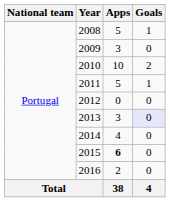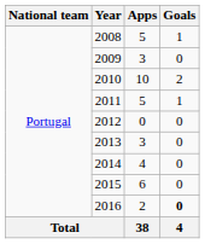 <table class="wikitable" style="text-align:center">
 <tr>
 <th>National team</th>
 <th>Year</th>
 <th>Apps</th>
 <th>Goals</th>
 </tr>
 <tr>
 <td rowspan="9"><a href='#'>Portugal</a></td>
 <td>2008</td>
 <td>5</td>
 <td>1</td>
 </tr>
 <tr>
 <td>2009</td>
 <td>3</td>
 <td>0</td>
 </tr>
 <tr>
 <td>2010</td>
 <td>10</td>
 <td>2</td>
 </tr>
 <tr>
 <td>2011</td>
 <td>5</td>
 <td>1</td>
 </tr>
 <tr>
 <td>2012</td>
 <td>0</td>
 <td>0</td>
 </tr>
 <tr>
 <td>2013</td>
 <td>3</td>
-<td style="background: lavender;">0</td>
+<td>0</td>
 </tr>
 <tr>
 <td>2014</td>
 <td>4</td>
 <td>0</td>
 </tr>
 <tr>
 <td>2015</td>
-<td><strong>6</strong></td>
+<td>6</td>
 <td>0</td>
 </tr>
 <tr>
 <td>2016</td>
 <td>2</td>
-<td>0</td>
+<td><strong>0</strong></td>
 </tr>
 <tr>
 <th colspan="2">Total</th>
 <th>38</th>
 <th>4</th>
 </tr>
 </table>
